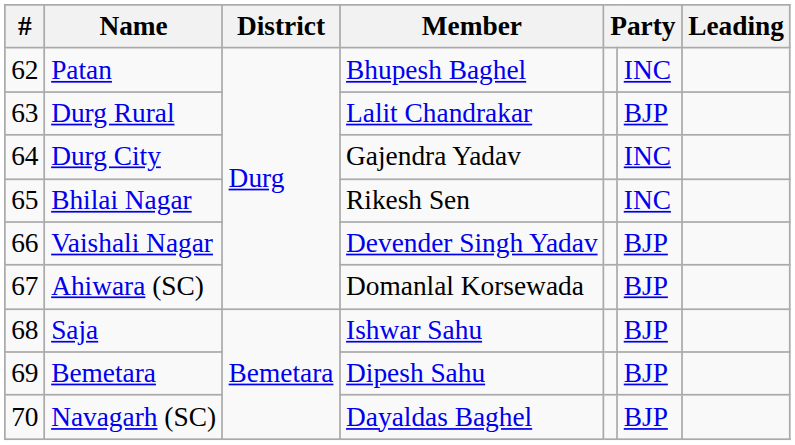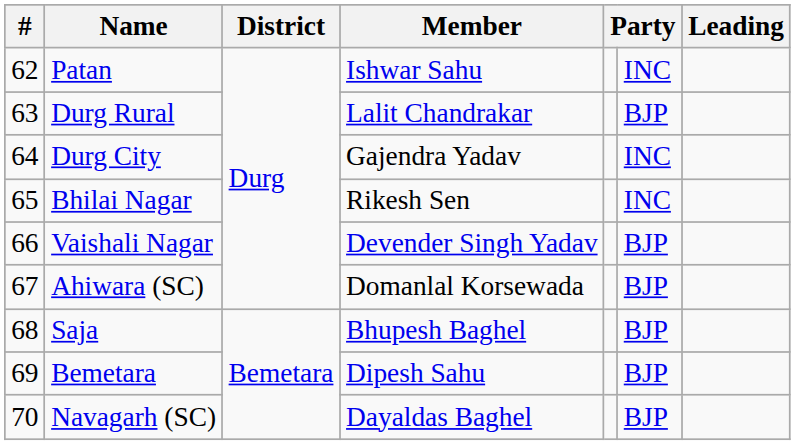 <table class="wikitable">
 <tr>
 <th>#</th>
 <th>Name</th>
 <th>District</th>
 <th>Member</th>
 <th colspan="2">Party</th>
 <th colspan="2">Leading<br></th>
 </tr>
 <tr>
 <td>62</td>
 <td><a href='#'>Patan</a></td>
 <td rowspan="6"><a href='#'>Durg</a></td>
-<td><a href='#'>Bhupesh Baghel</a></td>
+<td><a href='#'>Ishwar Sahu</a></td>
 <td style="background-color: "></td>
 <td><a href='#'>INC</a></td>
 <td></td>
 </tr>
 <tr>
 <td>63</td>
 <td><a href='#'>Durg Rural</a></td>
 <td><a href='#'>Lalit Chandrakar</a></td>
 <td style="background-color: "></td>
 <td><a href='#'>BJP</a></td>
 <td></td>
 </tr>
 <tr>
 <td>64</td>
 <td><a href='#'>Durg City</a></td>
 <td>Gajendra Yadav</td>
 <td style="background-color: "></td>
 <td><a href='#'>INC</a></td>
 <td></td>
 </tr>
 <tr>
 <td>65</td>
 <td><a href='#'>Bhilai Nagar</a></td>
 <td>Rikesh Sen</td>
 <td style="background-color: "></td>
 <td><a href='#'>INC</a></td>
 <td></td>
 </tr>
 <tr>
 <td>66</td>
 <td><a href='#'>Vaishali Nagar</a></td>
 <td><a href='#'>Devender Singh Yadav</a></td>
 <td style="background-color: "></td>
 <td><a href='#'>BJP</a></td>
 <td></td>
 </tr>
 <tr>
 <td>67</td>
 <td><a href='#'>Ahiwara</a> (SC)</td>
 <td>Domanlal Korsewada</td>
 <td style="background-color: "></td>
 <td><a href='#'>BJP</a></td>
 <td></td>
 </tr>
 <tr>
 <td>68</td>
 <td><a href='#'>Saja</a></td>
 <td rowspan="3"><a href='#'>Bemetara</a></td>
-<td><a href='#'>Ishwar Sahu</a></td>
+<td><a href='#'>Bhupesh Baghel</a></td>
 <td style="background-color: "></td>
 <td><a href='#'>BJP</a></td>
 <td></td>
 </tr>
 <tr>
 <td>69</td>
 <td><a href='#'>Bemetara</a></td>
 <td><a href='#'>Dipesh Sahu</a></td>
 <td style="background-color: "></td>
 <td><a href='#'>BJP</a></td>
 <td></td>
 </tr>
 <tr>
 <td>70</td>
 <td><a href='#'>Navagarh</a> (SC)</td>
 <td><a href='#'>Dayaldas Baghel</a></td>
 <td style="background-color: "></td>
 <td><a href='#'>BJP</a></td>
 <td></td>
 </tr>
 </table>
